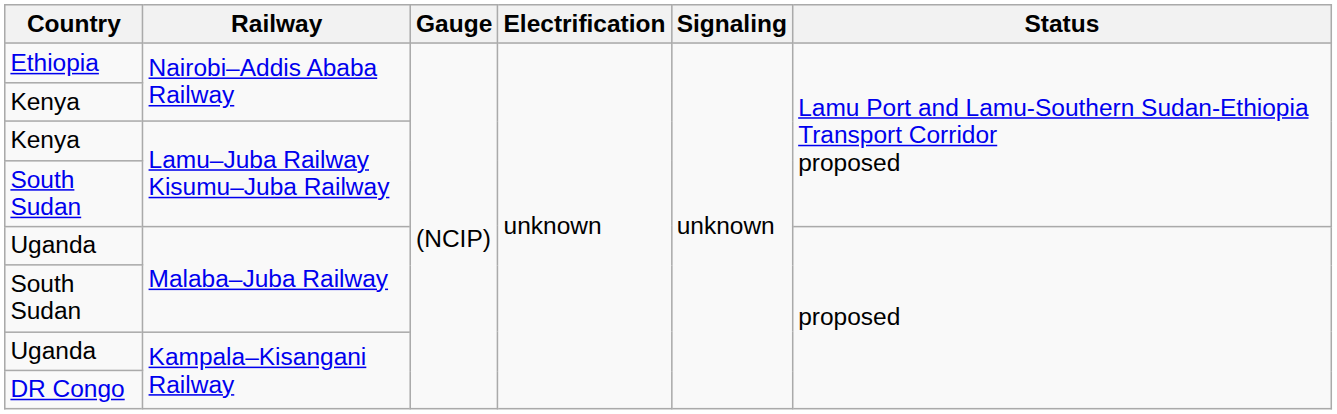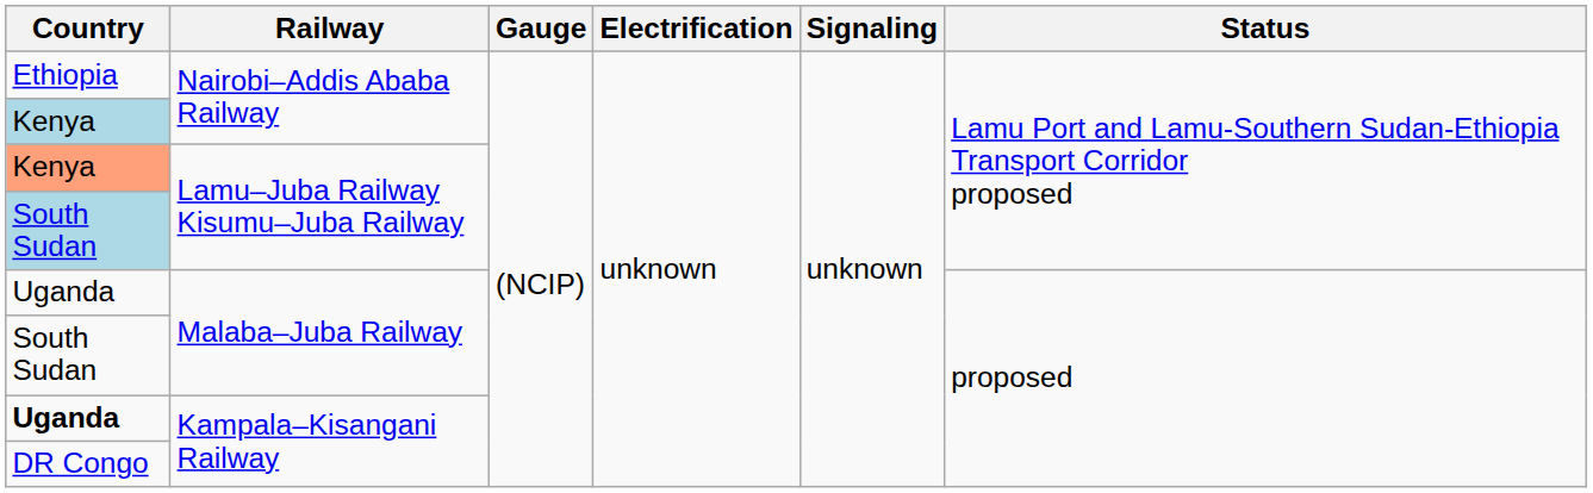 <table class="wikitable sortable">
 <tr>
 <th>Country</th>
 <th>Railway</th>
 <th>Gauge</th>
 <th>Electrification</th>
 <th>Signaling</th>
 <th>Status</th>
 </tr>
 <tr>
 <td> <a href='#'>Ethiopia</a></td>
 <td rowspan="2"><a href='#'>Nairobi–Addis Ababa Railway</a></td>
 <td rowspan="8"><br>(NCIP)</td>
 <td rowspan=8>unknown</td>
 <td rowspan=8>unknown</td>
 <td rowspan=4><a href='#'>Lamu Port and Lamu-Southern Sudan-Ethiopia Transport Corridor</a><br>proposed</td>
 </tr>
 <tr>
-<td> Kenya</td>
+<td style="background: lightblue;"> Kenya</td>
 </tr>
 <tr>
-<td> Kenya</td>
+<td style="background: lightsalmon;"> Kenya</td>
 <td rowspan=2><a href='#'>Lamu–Juba Railway</a><br><a href='#'>Kisumu–Juba Railway</a></td>
 </tr>
 <tr>
-<td> <a href='#'>South Sudan</a></td>
+<td style="background: lightblue;"> <a href='#'>South Sudan</a></td>
 </tr>
 <tr>
 <td> Uganda</td>
 <td rowspan=2><a href='#'>Malaba–Juba Railway</a></td>
 <td rowspan="4">proposed</td>
 </tr>
 <tr>
 <td> South Sudan</td>
 </tr>
 <tr>
-<td> Uganda</td>
+<td><strong> Uganda</strong></td>
 <td rowspan=2><a href='#'>Kampala–Kisangani Railway</a></td>
 </tr>
 <tr>
 <td> <a href='#'>DR Congo</a></td>
 </tr>
 </table>
